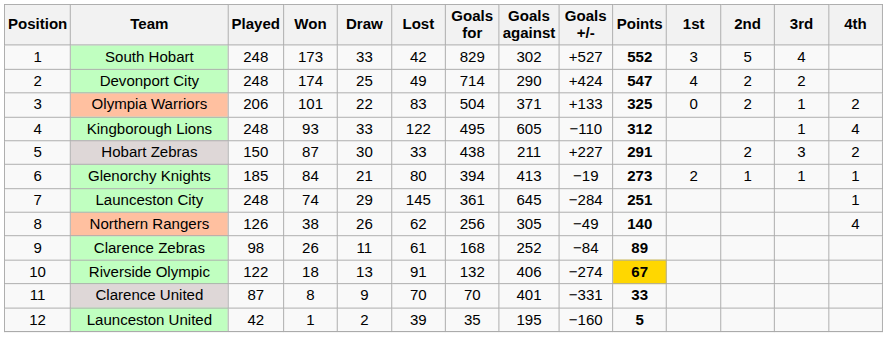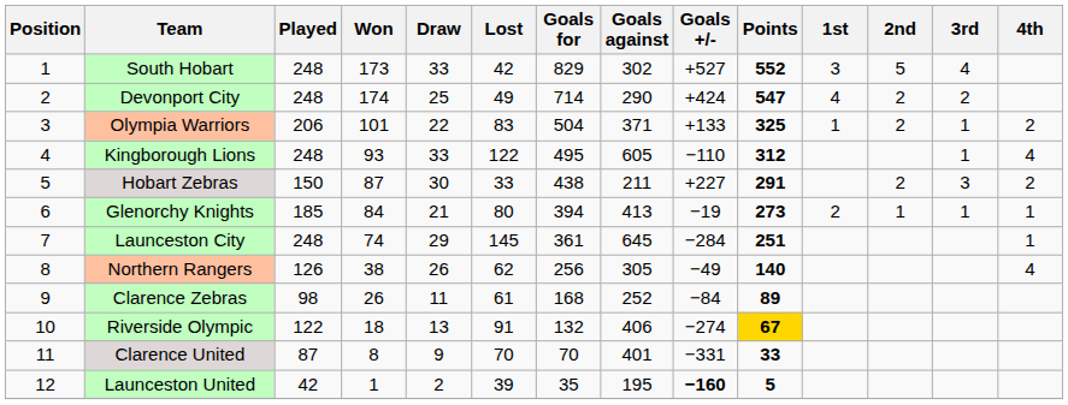 <table class="wikitable unsortable" style="text-align: center">
 <tr>
 <th width=5>Position</th>
 <th width=160>Team</th>
 <th width=50>Played</th>
 <th width=50>Won</th>
 <th width=50>Draw</th>
 <th width=50>Lost</th>
 <th width=50>Goals for</th>
 <th width=50>Goals against</th>
 <th width=50>Goals +/-</th>
 <th width=50>Points</th>
 <th width=50>1st</th>
 <th width=50>2nd</th>
 <th width=50>3rd</th>
 <th width=50>4th</th>
 </tr>
 <tr>
 <td>1</td>
 <td style="background:#C0FFC0;">South Hobart</td>
 <td>248</td>
 <td>173</td>
 <td>33</td>
 <td>42</td>
 <td>829</td>
 <td>302</td>
 <td>+527</td>
 <td><strong>552</strong></td>
 <td>3</td>
 <td>5</td>
 <td>4</td>
 <td></td>
 </tr>
 <tr>
 <td>2</td>
 <td style="background:#C0FFC0;">Devonport City</td>
 <td>248</td>
 <td>174</td>
 <td>25</td>
 <td>49</td>
 <td>714</td>
 <td>290</td>
 <td>+424</td>
 <td><strong>547</strong></td>
 <td>4</td>
 <td>2</td>
 <td>2</td>
 <td></td>
 </tr>
 <tr>
 <td>3</td>
 <td style="background:#FFC0A0;">Olympia Warriors</td>
 <td>206</td>
 <td>101</td>
 <td>22</td>
 <td>83</td>
 <td>504</td>
 <td>371</td>
 <td>+133</td>
 <td><strong>325</strong></td>
-<td>0</td>
+<td>1</td>
 <td>2</td>
 <td>1</td>
 <td>2</td>
 </tr>
 <tr>
 <td>4</td>
 <td style="background:#C0FFC0;">Kingborough Lions</td>
 <td>248</td>
 <td>93</td>
 <td>33</td>
 <td>122</td>
 <td>495</td>
 <td>605</td>
 <td>−110</td>
 <td><strong>312</strong></td>
 <td></td>
 <td></td>
 <td>1</td>
 <td>4</td>
 </tr>
 <tr>
 <td>5</td>
 <td style="background:#DED7D7;">Hobart Zebras</td>
 <td>150</td>
 <td>87</td>
 <td>30</td>
 <td>33</td>
 <td>438</td>
 <td>211</td>
 <td>+227</td>
 <td><strong>291</strong></td>
 <td></td>
 <td>2</td>
 <td>3</td>
 <td>2</td>
 </tr>
 <tr>
 <td>6</td>
 <td style="background:#C0FFC0;">Glenorchy Knights</td>
 <td>185</td>
 <td>84</td>
 <td>21</td>
 <td>80</td>
 <td>394</td>
 <td>413</td>
 <td>−19</td>
 <td><strong>273</strong></td>
 <td>2</td>
 <td>1</td>
 <td>1</td>
 <td>1</td>
 </tr>
 <tr>
 <td>7</td>
 <td style="background:#C0FFC0;">Launceston City</td>
 <td>248</td>
 <td>74</td>
 <td>29</td>
 <td>145</td>
 <td>361</td>
 <td>645</td>
 <td>−284</td>
 <td><strong>251</strong></td>
 <td></td>
 <td></td>
 <td></td>
 <td>1</td>
 </tr>
 <tr>
 <td>8</td>
 <td style="background:#FFC0A0;">Northern Rangers</td>
 <td>126</td>
 <td>38</td>
 <td>26</td>
 <td>62</td>
 <td>256</td>
 <td>305</td>
 <td>−49</td>
 <td><strong>140</strong></td>
 <td></td>
 <td></td>
 <td></td>
 <td>4</td>
 </tr>
 <tr>
 <td>9</td>
 <td style="background:#C0FFC0;">Clarence Zebras</td>
 <td>98</td>
 <td>26</td>
 <td>11</td>
 <td>61</td>
 <td>168</td>
 <td>252</td>
 <td>−84</td>
 <td><strong>89</strong></td>
 <td></td>
 <td></td>
 <td></td>
 <td></td>
 </tr>
 <tr>
 <td>10</td>
 <td style="background:#C0FFC0;">Riverside Olympic</td>
 <td>122</td>
 <td>18</td>
 <td>13</td>
 <td>91</td>
 <td>132</td>
 <td>406</td>
 <td>−274</td>
 <td style="background: gold;"><strong>67</strong></td>
 <td></td>
 <td></td>
 <td></td>
 <td></td>
 </tr>
 <tr>
 <td>11</td>
 <td style="background:#DED7D7;">Clarence United</td>
 <td>87</td>
 <td>8</td>
 <td>9</td>
 <td>70</td>
 <td>70</td>
 <td>401</td>
 <td>−331</td>
 <td><strong>33</strong></td>
 <td></td>
 <td></td>
 <td></td>
 <td></td>
 </tr>
 <tr>
 <td>12</td>
 <td style="background:#C0FFC0;">Launceston United</td>
 <td>42</td>
 <td>1</td>
 <td>2</td>
 <td>39</td>
 <td>35</td>
 <td>195</td>
-<td>−160</td>
+<td><strong>−160</strong></td>
 <td><strong>5</strong></td>
 <td></td>
 <td></td>
 <td></td>
 <td></td>
 </tr>
 <tr>
 </tr>
 </table>
